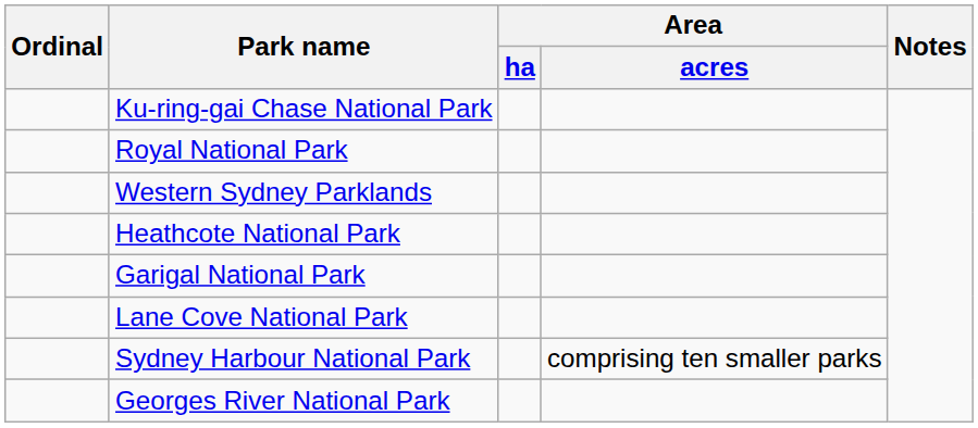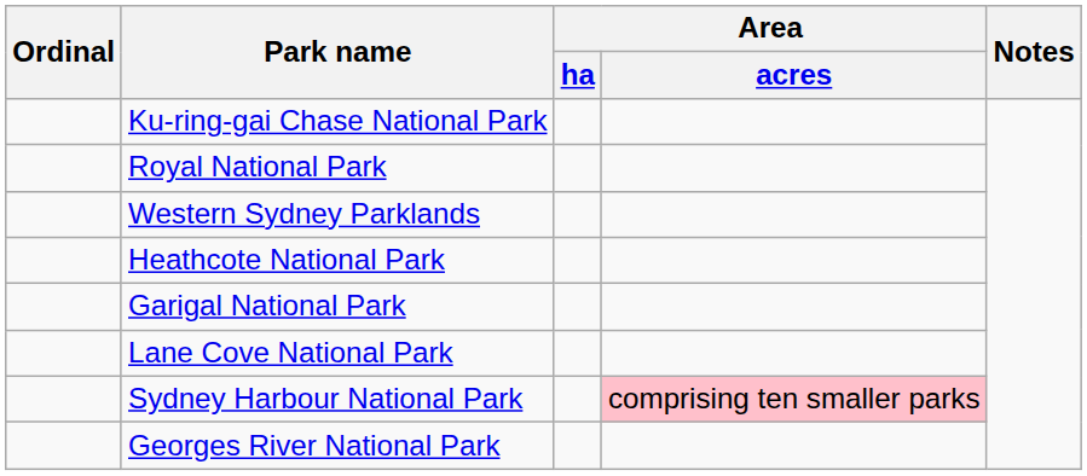 <table class="wikitable sortable";>
 <tr>
 <th rowspan=2>Ordinal</th>
 <th rowspan=2>Park name</th>
 <th colspan=2>Area</th>
 <th rowspan=2>Notes</th>
 </tr>
 <tr>
 <th><a href='#'>ha</a></th>
 <th><a href='#'>acres</a></th>
 </tr>
 <tr>
 <td align=center></td>
 <td><a href='#'>Ku-ring-gai Chase National Park</a></td>
 <td></td>
 <td></td>
 </tr>
 <tr>
 <td align=center></td>
 <td><a href='#'>Royal National Park</a></td>
 <td></td>
 <td></td>
 </tr>
 <tr>
 <td align=center></td>
 <td><a href='#'>Western Sydney Parklands</a></td>
 <td></td>
 <td></td>
 </tr>
 <tr>
 <td align=center></td>
 <td><a href='#'>Heathcote National Park</a></td>
 <td></td>
 <td></td>
 </tr>
 <tr>
 <td align=center></td>
 <td><a href='#'>Garigal National Park</a></td>
 <td></td>
 <td></td>
 </tr>
 <tr>
 <td align=center></td>
 <td><a href='#'>Lane Cove National Park</a></td>
 <td></td>
 <td></td>
 </tr>
 <tr>
 <td align=center></td>
 <td><a href='#'>Sydney Harbour National Park</a></td>
 <td></td>
-<td>comprising ten smaller parks</td>
+<td style="background: pink;">comprising ten smaller parks</td>
 </tr>
 <tr>
 <td align=center></td>
 <td><a href='#'>Georges River National Park</a></td>
 <td></td>
 <td></td>
 </tr>
 </table>
